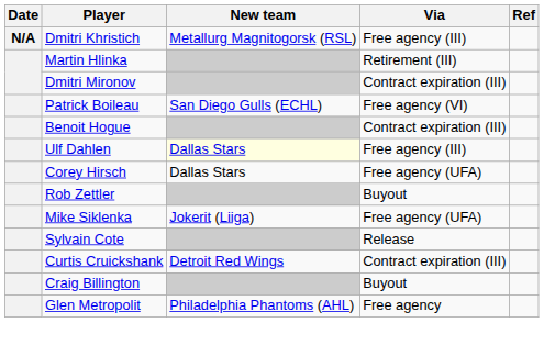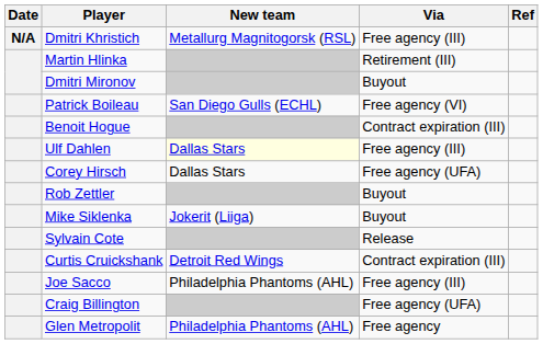 <table class="wikitable plainrowheaders">
 <tr style="background:#ddd; text-align:center;">
 <th>Date</th>
 <th>Player</th>
 <th>New team</th>
 <th>Via</th>
 <th>Ref</th>
 </tr>
 <tr>
 <th scope="row">N/A</th>
 <td><a href='#'>Dmitri Khristich</a></td>
 <td><a href='#'>Metallurg Magnitogorsk</a> (<a href='#'>RSL</a>)</td>
 <td>Free agency (III)</td>
 <td></td>
 </tr>
 <tr>
 <th scope="row" rowspan=2></th>
 <td><a href='#'>Martin Hlinka</a></td>
 <td style="background:#ccc"></td>
 <td>Retirement (III)</td>
 <td></td>
 </tr>
 <tr>
 <td><a href='#'>Dmitri Mironov</a></td>
 <td style="background:#ccc"></td>
-<td>Contract expiration (III)</td>
+<td>Buyout</td>
 <td></td>
 </tr>
 <tr>
 <th scope="row"></th>
 <td><a href='#'>Patrick Boileau</a></td>
 <td><a href='#'>San Diego Gulls</a> (<a href='#'>ECHL</a>)</td>
 <td>Free agency (VI)</td>
 <td></td>
 </tr>
 <tr>
 <th scope="row"></th>
 <td><a href='#'>Benoit Hogue</a></td>
 <td style="background:#ccc"></td>
 <td>Contract expiration (III)</td>
 <td></td>
 </tr>
 <tr>
 <th scope="row"></th>
 <td><a href='#'>Ulf Dahlen</a></td>
 <td style="background: lightyellow;"><a href='#'>Dallas Stars</a></td>
 <td>Free agency (III)</td>
 <td></td>
 </tr>
 <tr>
 <th scope="row"></th>
 <td><a href='#'>Corey Hirsch</a></td>
 <td>Dallas Stars</td>
 <td>Free agency (UFA)</td>
 <td></td>
 </tr>
 <tr>
 <th scope="row"></th>
 <td><a href='#'>Rob Zettler</a></td>
 <td style="background:#ccc"></td>
 <td>Buyout</td>
 <td></td>
 </tr>
 <tr>
 <th scope="row"></th>
 <td><a href='#'>Mike Siklenka</a></td>
 <td><a href='#'>Jokerit</a> (<a href='#'>Liiga</a>)</td>
-<td>Free agency (UFA)</td>
+<td>Buyout</td>
 <td></td>
 </tr>
 <tr>
 <th scope="row"></th>
 <td><a href='#'>Sylvain Cote</a></td>
 <td style="background:#ccc"></td>
 <td>Release</td>
 <td></td>
 </tr>
 <tr>
 <th scope="row"></th>
 <td><a href='#'>Curtis Cruickshank</a></td>
 <td><a href='#'>Detroit Red Wings</a></td>
 <td>Contract expiration (III)</td>
 <td></td>
 </tr>
 <tr>
 <th scope="row"></th>
+<td><a href='#'>Joe Sacco</a></td>
+<td>Philadelphia Phantoms (AHL)</td>
+<td>Free agency (III)</td>
+<td></td>
+</tr>
+<tr>
+<th scope="row"></th>
 <td><a href='#'>Craig Billington</a></td>
 <td style="background:#ccc"></td>
-<td>Buyout</td>
+<td>Free agency (UFA)</td>
 <td></td>
 </tr>
 <tr>
 <th scope="row"></th>
 <td><a href='#'>Glen Metropolit</a></td>
 <td><a href='#'>Philadelphia Phantoms</a> (<a href='#'>AHL</a>)</td>
 <td>Free agency</td>
 <td></td>
 </tr>
 </table>
